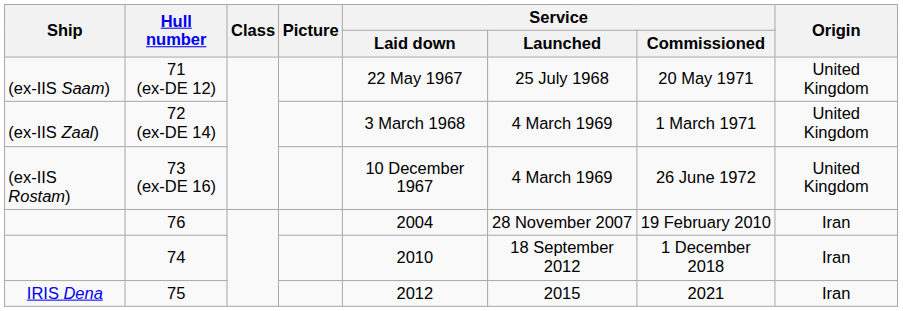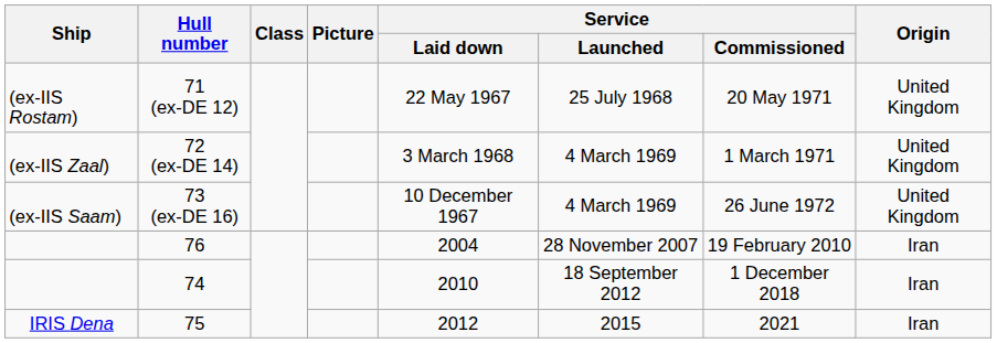 <table class="wikitable" style="text-align:center;">
 <tr>
 <th rowspan=2>Ship</th>
 <th rowspan=2><a href='#'>Hull number</a></th>
 <th rowspan=2>Class</th>
 <th rowspan=2>Picture</th>
 <th colspan=3>Service</th>
 <th rowspan=2>Origin</th>
 </tr>
 <tr>
 <th>Laid down</th>
 <th>Launched</th>
 <th>Commissioned</th>
 </tr>
 <tr>
-<td style="text-align:left"><br>(ex-IIS <em>Saam</em>)</td>
+<td style="text-align:left"><br>(ex-IIS <em>Rostam</em>)</td>
 <td>71<br>(ex-DE 12)</td>
 <td rowspan=3></td>
 <td></td>
 <td>22 May 1967</td>
 <td>25 July 1968</td>
 <td>20 May 1971</td>
 <td>United Kingdom</td>
 </tr>
 <tr>
 <td style="text-align:left"><br>(ex-IIS <em>Zaal</em>)</td>
 <td>72<br>(ex-DE 14)</td>
 <td></td>
 <td>3 March 1968</td>
 <td>4 March 1969</td>
 <td>1 March 1971</td>
 <td>United Kingdom</td>
 </tr>
 <tr>
-<td style="text-align:left"><br>(ex-IIS <em>Rostam</em>)</td>
+<td style="text-align:left"><br>(ex-IIS <em>Saam</em>)</td>
 <td>73<br>(ex-DE 16)</td>
 <td></td>
 <td>10 December 1967</td>
 <td>4 March 1969</td>
 <td>26 June 1972</td>
 <td>United Kingdom</td>
 </tr>
 <tr>
 <td style="text-align:left"></td>
 <td>76</td>
 <td rowspan="3"></td>
 <td></td>
 <td>2004</td>
 <td>28 November 2007</td>
 <td>19 February 2010</td>
 <td>Iran</td>
 </tr>
 <tr>
 <td style="text-align:left"></td>
 <td>74</td>
 <td></td>
 <td>2010</td>
 <td>18 September 2012</td>
 <td>1 December 2018</td>
 <td>Iran</td>
 </tr>
 <tr>
 <td><a href='#'>IRIS <em>Dena</em></a></td>
 <td>75</td>
 <td></td>
 <td>2012</td>
 <td>2015</td>
 <td>2021</td>
 <td>Iran</td>
 </tr>
 </table>
